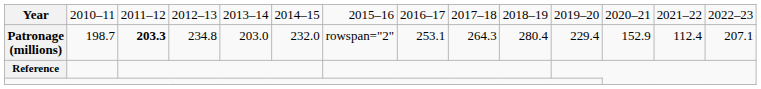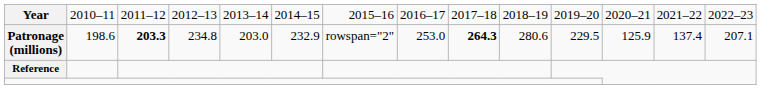 <table class="wikitable" style="text-align:right; white-space:nowrap;">
 <tr>
 <th>Year</th>
 <td>2010–11</td>
 <td>2011–12</td>
 <td>2012–13</td>
 <td>2013–14</td>
 <td>2014–15</td>
 <td>2015–16</td>
 <td>2016–17</td>
 <td>2017–18</td>
 <td>2018–19</td>
 <td>2019–20</td>
 <td>2020–21</td>
 <td>2021–22</td>
 <td>2022–23</td>
 </tr>
 <tr style="vertical-align: top;">
 <th>Patronage<br><span>(millions)</span></th>
-<td>198.7</td>
+<td>198.6</td>
 <td><strong>203.3</strong></td>
 <td>234.8</td>
 <td>203.0</td>
-<td>232.0<br></td>
+<td>232.9<br></td>
 <td>rowspan="2" </td>
-<td>253.1<br></td>
-<td>264.3</td>
-<td>280.4</td>
-<td>229.4<br></td>
-<td>152.9</td>
-<td>112.4</td>
+<td>253.0<br></td>
+<td><strong>264.3</strong></td>
+<td>280.6</td>
+<td>229.5<br></td>
+<td>125.9</td>
+<td>137.4</td>
 <td>207.1</td>
 </tr>
 <tr style="font-size:85%">
 <th>Reference<br></th>
 <td><br></td>
 <td colspan="4"><br></td>
 <td colspan="4"></td>
 </tr>
 <tr>
 <td colspan="11" style="text-align:center;"></td>
 </tr>
 </table>
